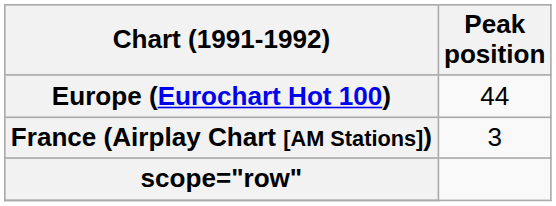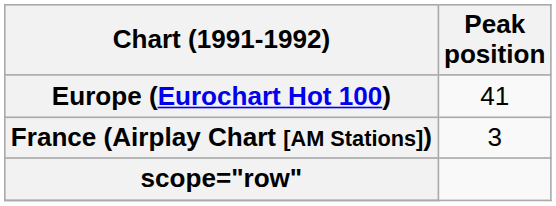 <table class="wikitable sortable plainrowheaders">
 <tr>
 <th>Chart (1991-1992)</th>
 <th>Peak<br>position</th>
 </tr>
 <tr>
 <th scope="row">Europe (<a href='#'>Eurochart Hot 100</a>)</th>
-<td align="center">44</td>
+<td align="center">41</td>
 </tr>
 <tr>
 <th scope="row">France (Airplay Chart <small>[AM Stations]</small>)</th>
 <td align="center">3</td>
 </tr>
 <tr>
 <th>scope="row"</th>
 </tr>
 <tr>
 </tr>
 </table>
